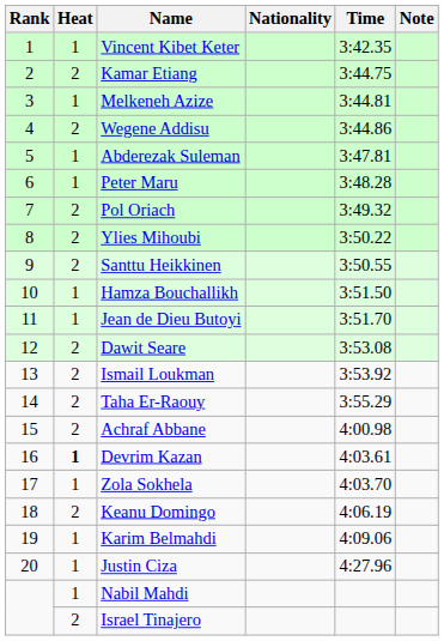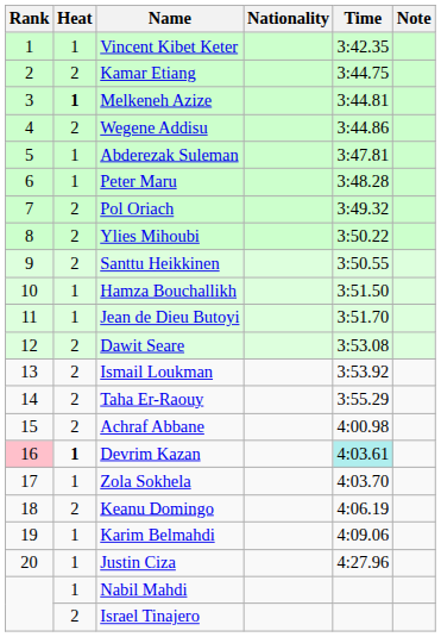 <table class="wikitable sortable" style="text-align:center">
 <tr>
 <th>Rank</th>
 <th>Heat</th>
 <th>Name</th>
 <th>Nationality</th>
 <th>Time</th>
 <th>Note</th>
 </tr>
 <tr bgcolor=ccffcc>
 <td>1</td>
 <td>1</td>
 <td align=left><a href='#'>Vincent Kibet Keter</a></td>
 <td align=left></td>
 <td>3:42.35</td>
 <td></td>
 </tr>
 <tr bgcolor=ccffcc>
 <td>2</td>
 <td>2</td>
 <td align=left><a href='#'>Kamar Etiang</a></td>
 <td align=left></td>
 <td>3:44.75</td>
 <td></td>
 </tr>
 <tr bgcolor=ccffcc>
 <td>3</td>
-<td>1</td>
+<td><strong>1</strong></td>
 <td align=left><a href='#'>Melkeneh Azize</a></td>
 <td align=left></td>
 <td>3:44.81</td>
 <td></td>
 </tr>
 <tr bgcolor=ccffcc>
 <td>4</td>
 <td>2</td>
 <td align=left><a href='#'>Wegene Addisu</a></td>
 <td align=left></td>
 <td>3:44.86</td>
 <td></td>
 </tr>
 <tr bgcolor=ccffcc>
 <td>5</td>
 <td>1</td>
 <td align=left><a href='#'>Abderezak Suleman</a></td>
 <td align=left></td>
 <td>3:47.81</td>
 <td></td>
 </tr>
 <tr bgcolor=ccffcc>
 <td>6</td>
 <td>1</td>
 <td align=left><a href='#'>Peter Maru</a></td>
 <td align=left></td>
 <td>3:48.28</td>
 <td></td>
 </tr>
 <tr bgcolor=ccffcc>
 <td>7</td>
 <td>2</td>
 <td align=left><a href='#'>Pol Oriach</a></td>
 <td align=left></td>
 <td>3:49.32</td>
 <td></td>
 </tr>
 <tr bgcolor=ccffcc>
 <td>8</td>
 <td>2</td>
 <td align=left><a href='#'>Ylies Mihoubi</a></td>
 <td align=left></td>
 <td>3:50.22</td>
 <td></td>
 </tr>
 <tr bgcolor=ddffdd>
 <td>9</td>
 <td>2</td>
 <td align=left><a href='#'>Santtu Heikkinen</a></td>
 <td align=left></td>
 <td>3:50.55</td>
 <td></td>
 </tr>
 <tr bgcolor=ddffdd>
 <td>10</td>
 <td>1</td>
 <td align=left><a href='#'>Hamza Bouchallikh</a></td>
 <td align=left></td>
 <td>3:51.50</td>
 <td></td>
 </tr>
 <tr bgcolor=ddffdd>
 <td>11</td>
 <td>1</td>
 <td align=left><a href='#'>Jean de Dieu Butoyi</a></td>
 <td align=left></td>
 <td>3:51.70</td>
 <td></td>
 </tr>
 <tr bgcolor=ddffdd>
 <td>12</td>
 <td>2</td>
 <td align=left><a href='#'>Dawit Seare</a></td>
 <td align=left></td>
 <td>3:53.08</td>
 <td></td>
 </tr>
 <tr>
 <td>13</td>
 <td>2</td>
 <td align=left><a href='#'>Ismail Loukman</a></td>
 <td align=left></td>
 <td>3:53.92</td>
 <td></td>
 </tr>
 <tr>
 <td>14</td>
 <td>2</td>
 <td align=left><a href='#'>Taha Er-Raouy</a></td>
 <td align=left></td>
 <td>3:55.29</td>
 <td></td>
 </tr>
 <tr>
 <td>15</td>
 <td>2</td>
 <td align=left><a href='#'>Achraf Abbane</a></td>
 <td align=left></td>
 <td>4:00.98</td>
 <td></td>
 </tr>
 <tr>
-<td>16</td>
+<td style="background: pink;">16</td>
 <td><strong>1</strong></td>
 <td align=left><a href='#'>Devrim Kazan</a></td>
 <td align=left></td>
-<td>4:03.61</td>
+<td style="background: paleturquoise;">4:03.61</td>
 <td></td>
 </tr>
 <tr>
 <td>17</td>
 <td>1</td>
 <td align=left><a href='#'>Zola Sokhela</a></td>
 <td align=left></td>
 <td>4:03.70</td>
 <td></td>
 </tr>
 <tr>
 <td>18</td>
 <td>2</td>
 <td align=left><a href='#'>Keanu Domingo</a></td>
 <td align=left></td>
 <td>4:06.19</td>
 <td></td>
 </tr>
 <tr>
 <td>19</td>
 <td>1</td>
 <td align=left><a href='#'>Karim Belmahdi</a></td>
 <td align=left></td>
 <td>4:09.06</td>
 <td></td>
 </tr>
 <tr>
 <td>20</td>
 <td>1</td>
 <td align=left><a href='#'>Justin Ciza</a></td>
 <td align=left></td>
 <td>4:27.96</td>
 <td></td>
 </tr>
 <tr>
 <td rowspan=2></td>
 <td>1</td>
 <td align=left><a href='#'>Nabil Mahdi</a></td>
 <td align=left></td>
 <td></td>
 <td></td>
 </tr>
 <tr>
 <td>2</td>
 <td align=left><a href='#'>Israel Tinajero</a></td>
 <td align=left></td>
 <td></td>
 <td></td>
 </tr>
 </table>
